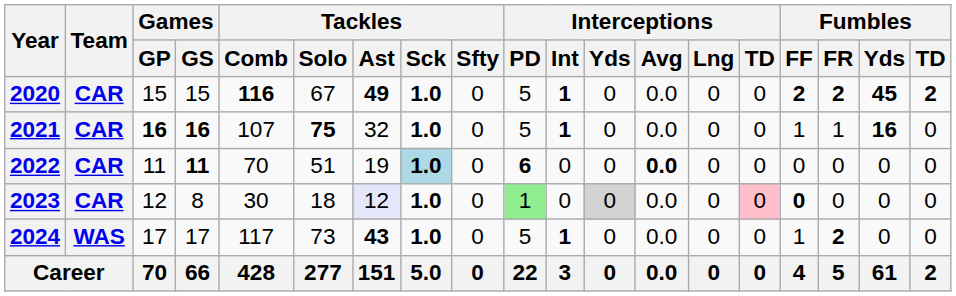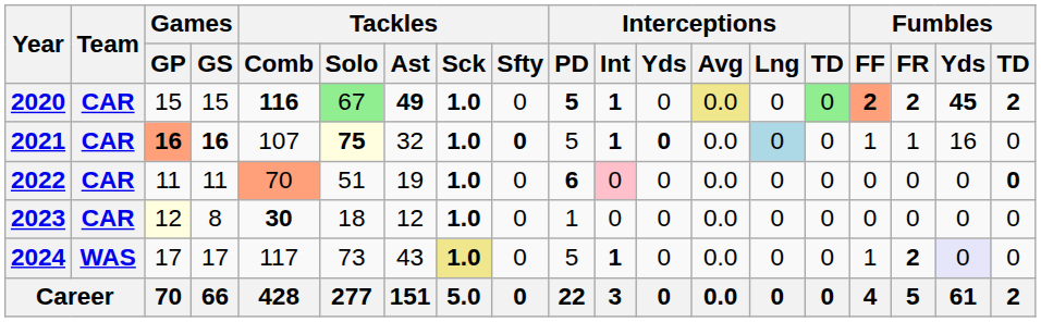 <table class="wikitable" style="text-align: center;">
 <tr>
 <th rowspan="2">Year</th>
 <th rowspan="2">Team</th>
 <th colspan="2">Games</th>
 <th colspan="5">Tackles</th>
 <th colspan="6">Interceptions</th>
 <th colspan="4">Fumbles</th>
 </tr>
 <tr>
 <th>GP</th>
 <th>GS</th>
 <th>Comb</th>
 <th>Solo</th>
 <th>Ast</th>
 <th>Sck</th>
 <th>Sfty</th>
 <th>PD</th>
 <th>Int</th>
 <th>Yds</th>
 <th>Avg</th>
 <th>Lng</th>
 <th>TD</th>
 <th>FF</th>
 <th>FR</th>
 <th>Yds</th>
 <th>TD</th>
 </tr>
 <tr>
 <th><a href='#'>2020</a></th>
 <th><a href='#'>CAR</a></th>
 <td>15</td>
 <td>15</td>
 <td><strong> 116</strong></td>
-<td>67</td>
+<td style="background: lightgreen;">67</td>
 <td><strong> 49</strong></td>
 <td><strong>1.0</strong></td>
 <td>0</td>
-<td>5</td>
+<td><strong>5</strong></td>
 <td><strong>1</strong></td>
 <td>0</td>
-<td>0.0</td>
+<td style="background: khaki;">0.0</td>
 <td>0</td>
-<td>0</td>
-<td><strong> 2</strong></td>
+<td style="background: lightgreen;">0</td>
+<td style="background: lightsalmon;"><strong> 2</strong></td>
 <td><strong>2</strong></td>
 <td><strong> 45</strong></td>
 <td><strong> 2</strong></td>
 </tr>
 <tr>
 <th><a href='#'>2021</a></th>
 <th><a href='#'>CAR</a></th>
-<td><strong>16</strong></td>
+<td style="background: lightsalmon;"><strong>16</strong></td>
 <td><strong>16</strong></td>
 <td>107</td>
-<td><strong>75</strong></td>
+<td style="background: lightyellow;"><strong>75</strong></td>
 <td>32</td>
 <td><strong> 1.0</strong></td>
-<td>0</td>
+<td><strong>0</strong></td>
 <td>5</td>
 <td><strong>1</strong></td>
-<td>0</td>
+<td><strong>0</strong></td>
 <td>0.0</td>
-<td>0</td>
+<td style="background: lightblue;">0</td>
 <td>0</td>
 <td>1</td>
 <td>1</td>
-<td><strong>16</strong></td>
+<td>16</td>
 <td>0</td>
 </tr>
 <tr>
 <th><a href='#'>2022</a></th>
 <th><a href='#'>CAR</a></th>
 <td>11</td>
-<td><strong>11</strong></td>
-<td>70</td>
+<td>11</td>
+<td style="background: lightsalmon;">70</td>
 <td>51</td>
 <td>19</td>
-<td style="background: lightblue;"><strong> 1.0</strong></td>
+<td><strong> 1.0</strong></td>
 <td>0</td>
 <td><strong>6</strong></td>
+<td style="background: pink;">0</td>
 <td>0</td>
-<td>0</td>
-<td><strong>0.0</strong></td>
+<td>0.0</td>
 <td>0</td>
 <td>0</td>
 <td>0</td>
 <td>0</td>
 <td>0</td>
-<td>0</td>
+<td><strong>0</strong></td>
 </tr>
 <tr>
 <th><a href='#'>2023</a></th>
 <th><a href='#'>CAR</a></th>
+<td style="background: lightyellow;">12</td>
+<td>8</td>
+<td><strong>30</strong></td>
+<td>18</td>
 <td>12</td>
-<td>8</td>
-<td>30</td>
-<td>18</td>
-<td style="background: lavender;">12</td>
 <td><strong> 1.0</strong></td>
 <td>0</td>
-<td style="background: lightgreen;">1</td>
+<td>1</td>
 <td>0</td>
-<td style="background: lightgrey;">0</td>
+<td>0</td>
 <td>0.0</td>
 <td>0</td>
-<td style="background: pink;">0</td>
-<td><strong>0</strong></td>
+<td>0</td>
+<td>0</td>
 <td>0</td>
 <td>0</td>
 <td>0</td>
 </tr>
 <tr>
 <th><a href='#'>2024</a></th>
 <th><a href='#'>WAS</a></th>
 <td>17</td>
 <td>17</td>
 <td>117</td>
 <td>73</td>
-<td><strong>43</strong></td>
-<td><strong>1.0</strong></td>
+<td>43</td>
+<td style="background: khaki;"><strong>1.0</strong></td>
 <td>0</td>
 <td>5</td>
 <td><strong>1</strong></td>
 <td>0</td>
 <td>0.0</td>
 <td>0</td>
 <td>0</td>
 <td>1</td>
 <td><strong>2</strong></td>
-<td>0</td>
+<td style="background: lavender;">0</td>
 <td>0</td>
 </tr>
 <tr>
 <th colspan="2">Career</th>
 <th>70</th>
 <th>66</th>
 <th>428</th>
 <th>277</th>
 <th>151</th>
 <th>5.0</th>
 <th>0</th>
 <th>22</th>
 <th>3</th>
 <th>0</th>
 <th>0.0</th>
 <th>0</th>
 <th>0</th>
 <th>4</th>
 <th>5</th>
 <th>61</th>
 <th>2</th>
 </tr>
 </table>
